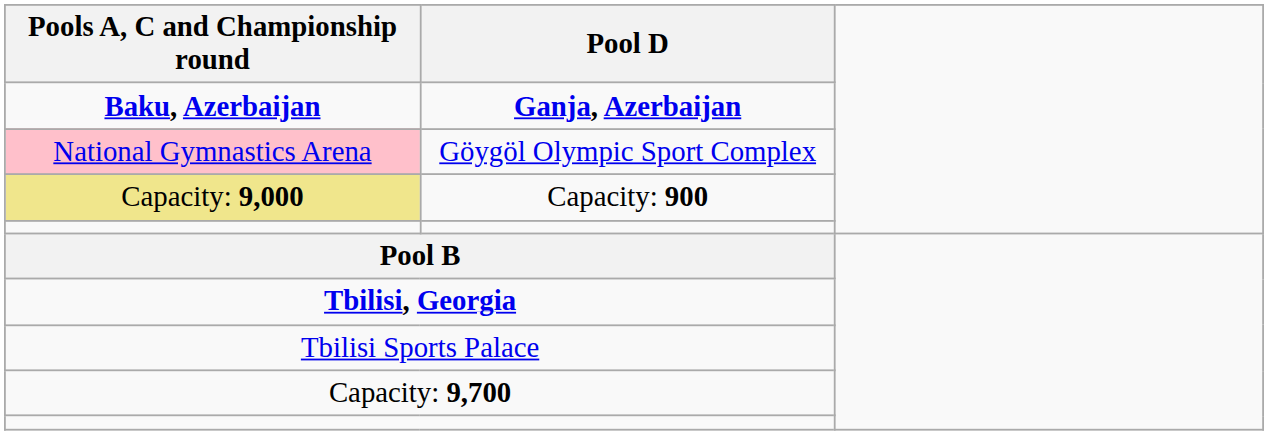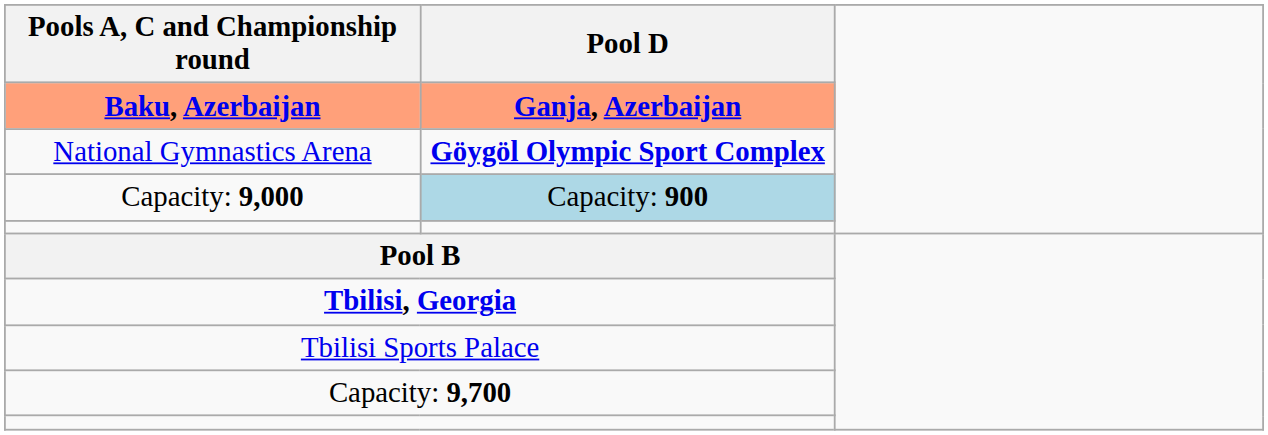 <table class="wikitable" style="text-align:center;" width=700>
 <tr>
 <th width=33%>Pools A, C and Championship round</th>
 <th width=33%>Pool D</th>
 <td width=34% rowspan=5></td>
 </tr>
 <tr>
-<td><strong> <a href='#'>Baku</a>, <a href='#'>Azerbaijan</a></strong></td>
-<td><strong> <a href='#'>Ganja</a>, <a href='#'>Azerbaijan</a></strong></td>
+<td style="background: lightsalmon;"><strong> <a href='#'>Baku</a>, <a href='#'>Azerbaijan</a></strong></td>
+<td style="background: lightsalmon;"><strong> <a href='#'>Ganja</a>, <a href='#'>Azerbaijan</a></strong></td>
 </tr>
 <tr>
-<td style="background: pink;"><a href='#'>National Gymnastics Arena</a></td>
-<td><a href='#'>Göygöl Olympic Sport Complex</a></td>
+<td><a href='#'>National Gymnastics Arena</a></td>
+<td><strong><a href='#'>Göygöl Olympic Sport Complex</a></strong></td>
 </tr>
 <tr>
-<td style="background: khaki;">Capacity: <strong>9,000</strong></td>
-<td>Capacity: <strong>900</strong></td>
+<td>Capacity: <strong>9,000</strong></td>
+<td style="background: lightblue;">Capacity: <strong>900</strong></td>
 </tr>
 <tr>
 <td></td>
 <td></td>
 </tr>
 <tr>
 <th width=66% colspan=2>Pool B</th>
 <td width=34% rowspan=5></td>
 </tr>
 <tr>
 <td colspan=2><strong> <a href='#'>Tbilisi</a>, <a href='#'>Georgia</a></strong></td>
 </tr>
 <tr>
 <td colspan=2><a href='#'>Tbilisi Sports Palace</a></td>
 </tr>
 <tr>
 <td colspan=2>Capacity: <strong>9,700</strong></td>
 </tr>
 <tr>
 <td colspan=2></td>
 </tr>
 </table>
